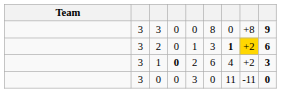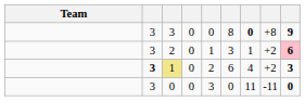 <table class="wikitable" style="text-align: center;">
 <tr>
 <th width=185>Team</th>
 <th width=20></th>
 <th width=20></th>
 <th width=20></th>
 <th width=20></th>
 <th width=20></th>
 <th width=20></th>
 <th width=20></th>
 <th width=20></th>
 </tr>
 <tr>
 <td align="left"></td>
 <td>3</td>
 <td>3</td>
 <td>0</td>
 <td>0</td>
 <td>8</td>
-<td>0</td>
+<td><strong>0</strong></td>
 <td>+8</td>
 <td><strong>9</strong></td>
 </tr>
 <tr>
 <td align="left"></td>
 <td>3</td>
 <td>2</td>
 <td>0</td>
 <td>1</td>
 <td>3</td>
-<td><strong>1</strong></td>
-<td style="background: gold;">+2</td>
-<td><strong>6</strong></td>
+<td>1</td>
+<td>+2</td>
+<td style="background: pink;"><strong>6</strong></td>
 </tr>
 <tr>
 <td align="left"></td>
-<td>3</td>
-<td>1</td>
-<td><strong>0</strong></td>
+<td><strong>3</strong></td>
+<td style="background: khaki;">1</td>
+<td>0</td>
 <td>2</td>
 <td>6</td>
 <td>4</td>
 <td>+2</td>
 <td><strong>3</strong></td>
 </tr>
 <tr>
 <td align="left"></td>
 <td>3</td>
 <td>0</td>
 <td>0</td>
 <td>3</td>
 <td>0</td>
 <td>11</td>
 <td>-11</td>
 <td><strong>0</strong></td>
 </tr>
 </table>
